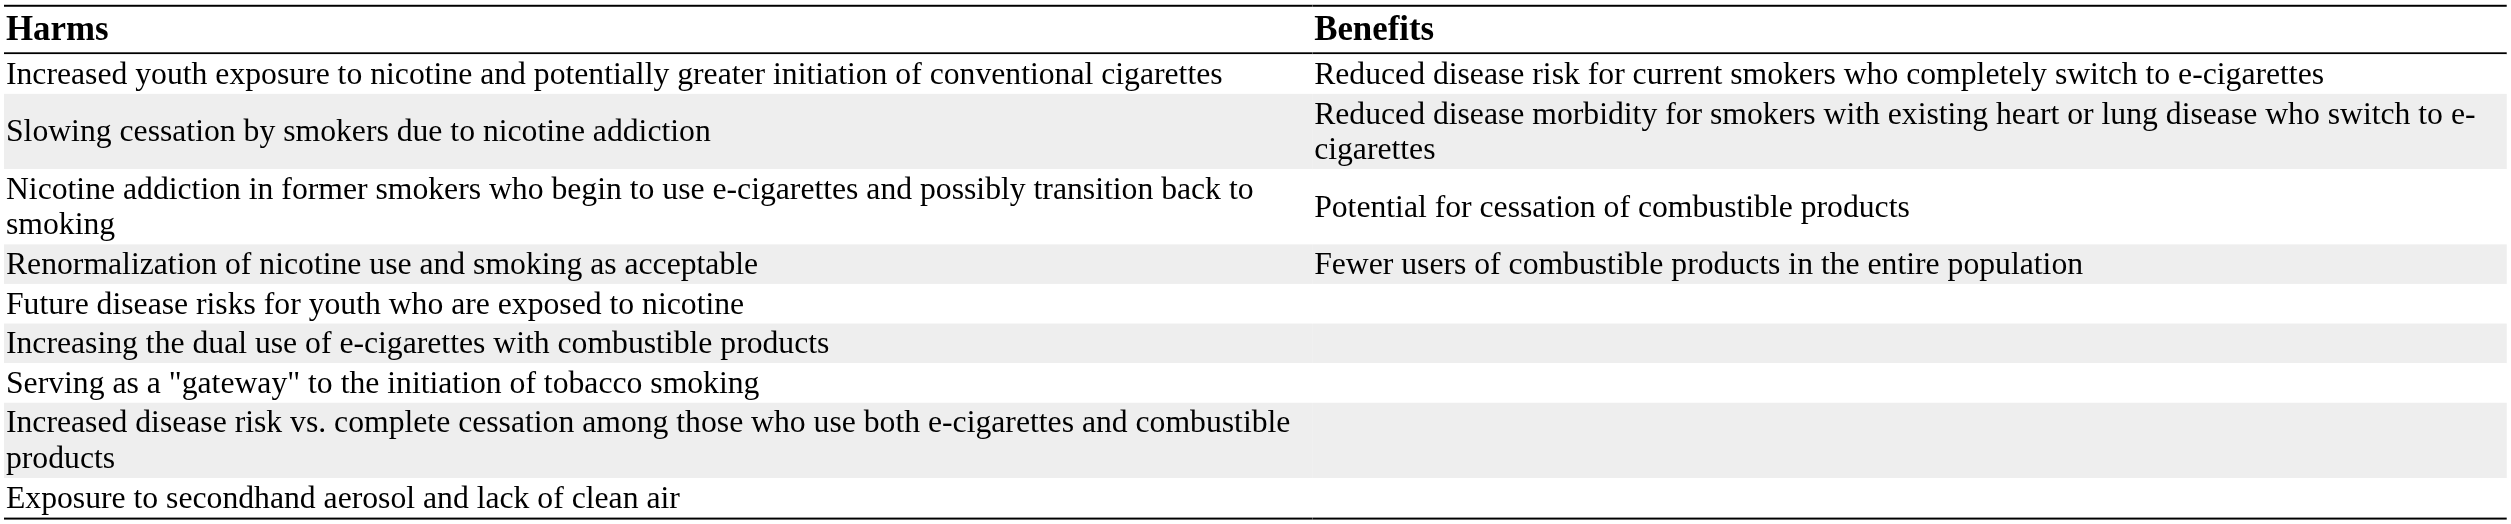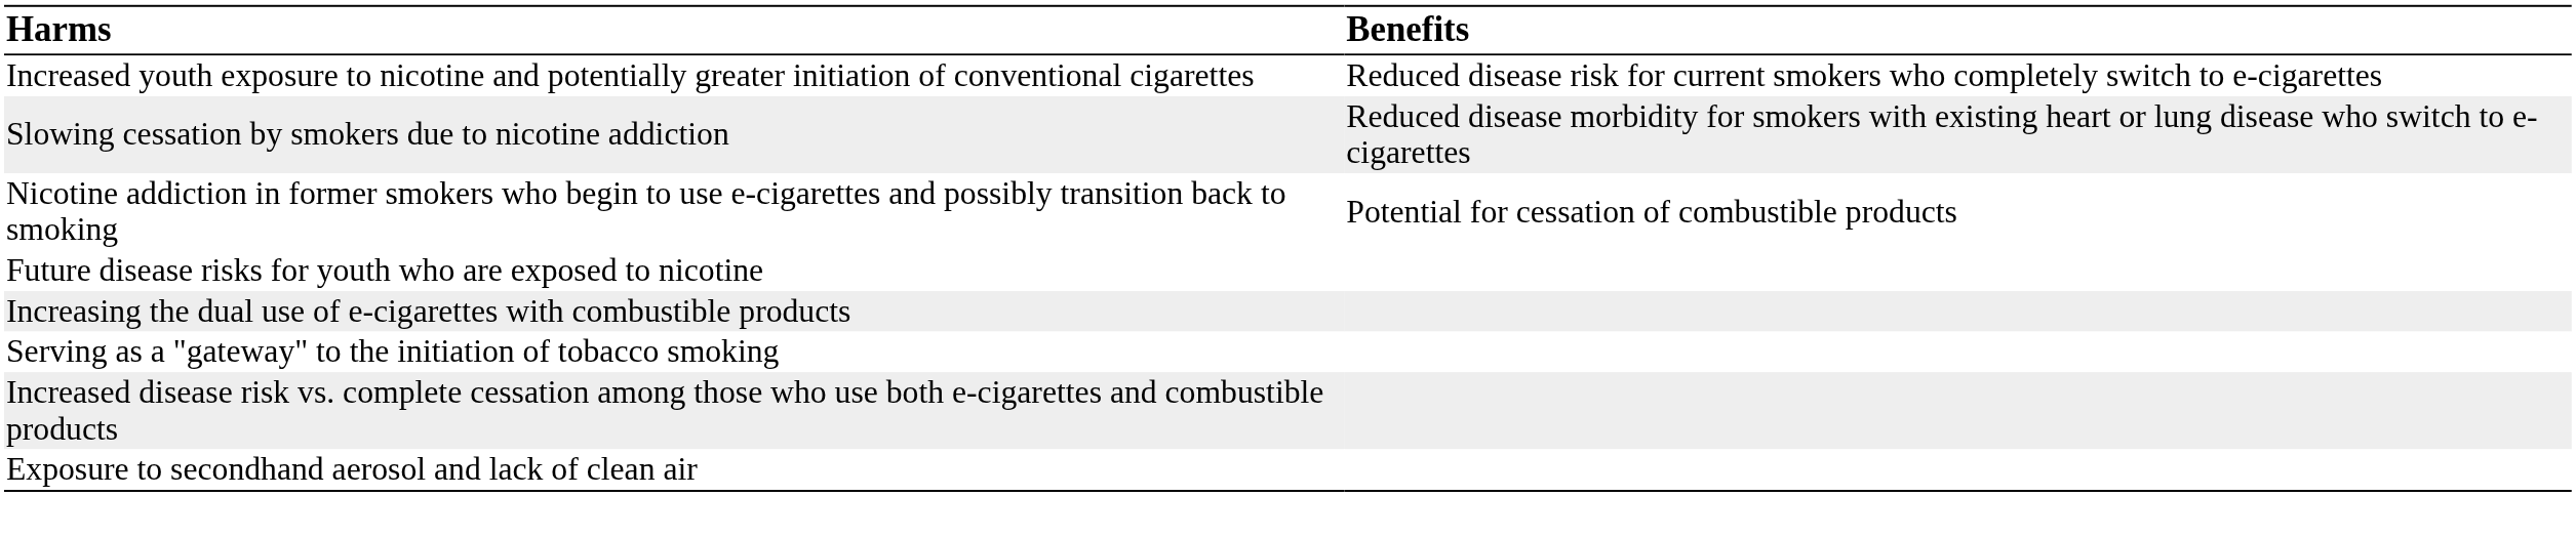 <table style="display: inline-table; border:none; vertical-align: top; border-spacing:0; margin-top:.7em;">
 <tr>
 <th style="background:#fff; border-style:none; text-align:left; font-size:110%; border-top:1px solid black; border-bottom:1px solid black;">Harms</th>
 <th style="background:#fff; border-style:none; text-align:left; font-size:110%; border-top:1px solid black; border-bottom:1px solid black;">Benefits</th>
 </tr>
 <tr>
 <td style="background:#fff;">Increased youth exposure to nicotine and potentially greater initiation of conventional cigarettes</td>
 <td style="background:#fff;">Reduced disease risk for current smokers who completely switch to e-cigarettes</td>
 </tr>
 <tr>
 <td style="background:#eee;">Slowing cessation by smokers due to nicotine addiction</td>
 <td style="background:#eee;">Reduced disease morbidity for smokers with existing heart or lung disease who switch to e-cigarettes</td>
 </tr>
 <tr>
 <td style="background:#fff;">Nicotine addiction in former smokers who begin to use e-cigarettes and possibly transition back to smoking</td>
 <td style="background:#fff;">Potential for cessation of combustible products</td>
-</tr>
-<tr>
-<td style="background:#eee;">Renormalization of nicotine use and smoking as acceptable</td>
-<td style="background:#eee;">Fewer users of combustible products in the entire population</td>
 </tr>
 <tr>
 <td style="background:#fff;">Future disease risks for youth who are exposed to nicotine</td>
 <td style="background:#fff;"></td>
 </tr>
 <tr>
 <td style="background:#eee;">Increasing the dual use of e-cigarettes with combustible products</td>
 <td style="background:#eee;"></td>
 </tr>
 <tr>
 <td style="background:#fff;">Serving as a "gateway" to the initiation of tobacco smoking</td>
 <td style="background:#fff;"></td>
 </tr>
 <tr>
 <td style="background:#eee;">Increased disease risk vs. complete cessation among those who use both e-cigarettes and combustible products</td>
 <td style="background:#eee;"></td>
 </tr>
 <tr>
 <td style="background:#fff; border-bottom:1px solid black;">Exposure to secondhand aerosol and lack of clean air</td>
 <td style="background:#fff; border-bottom:1px solid black;"></td>
 </tr>
 </table>
